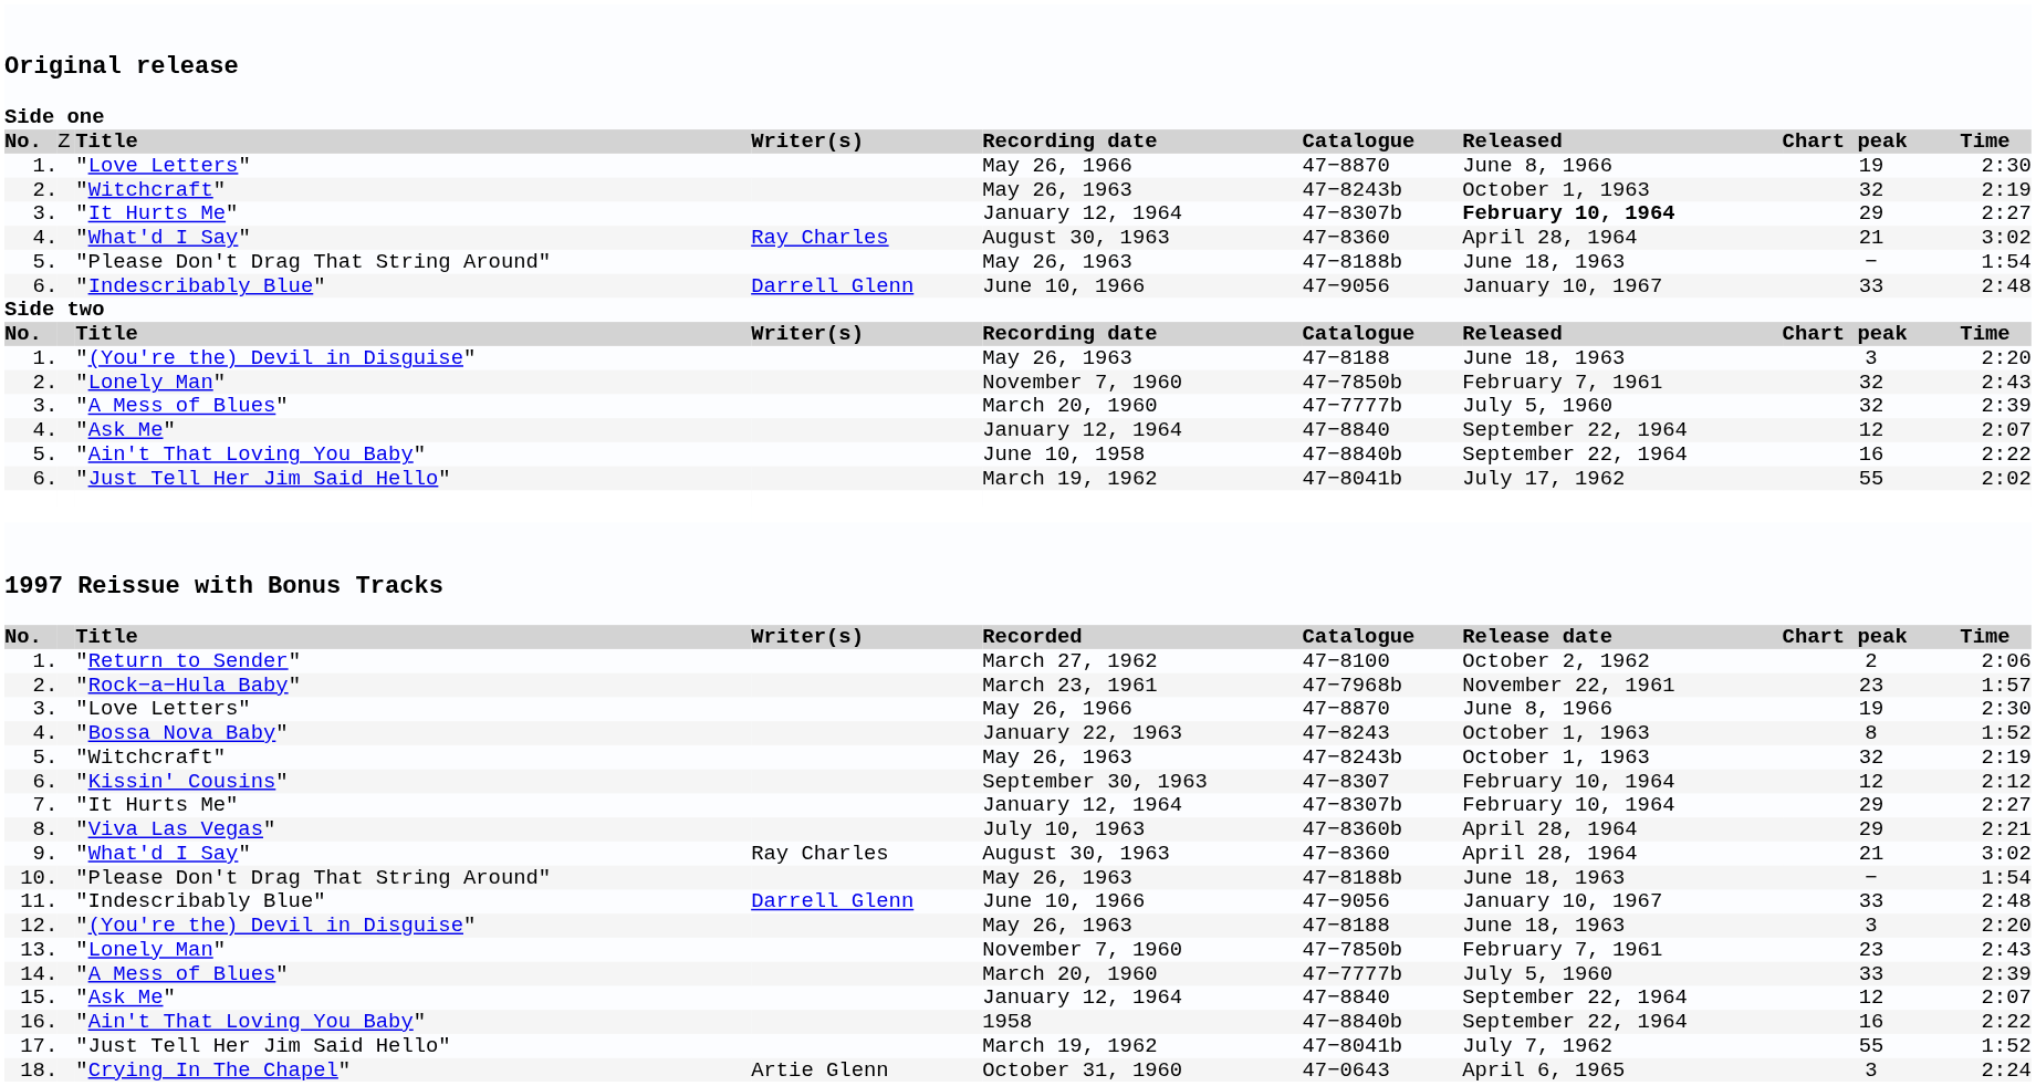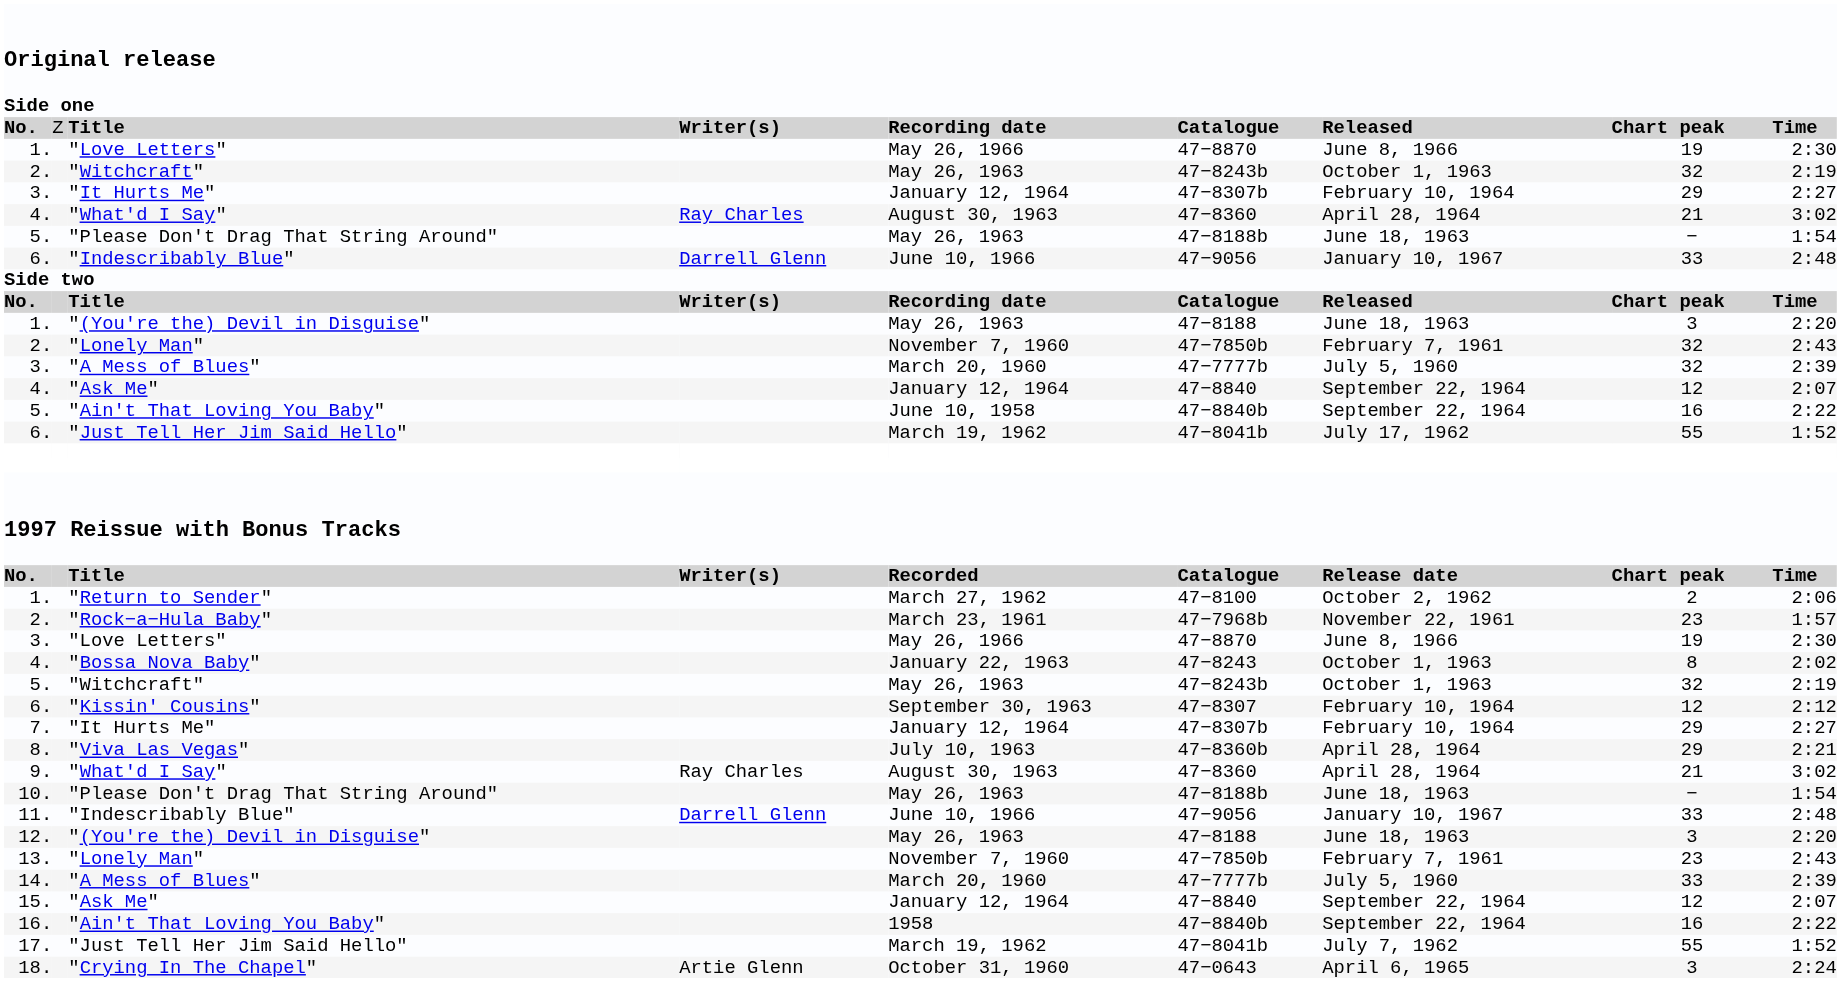 <table border="0" cellpadding="0" cellspacing="0" style="width: 100%; margin: 1em 1em 1em 0; background: #FCFDFF; border-collapse: collapse;">
 <tr>
 <td colspan=9><br><h3>Original release</h3></td>
 </tr>
 <tr>
 <td colspan=9><strong>Side one</strong></td>
 </tr>
 <tr bgcolor=#D3D3D3>
 <td><strong>No.</strong></td>
 <td><span>Z</span></td>
 <td><strong>Title</strong></td>
 <td><strong>Writer(s)</strong></td>
 <td><strong>Recording date</strong></td>
 <td><strong>Catalogue</strong></td>
 <td><strong>Released</strong></td>
 <td><strong>Chart peak</strong></td>
 <td><strong>Time</strong></td>
 </tr>
 <tr>
 <td align=right>1.</td>
 <td></td>
 <td>"<a href='#'>Love Letters</a>"</td>
 <td></td>
 <td>May 26, 1966</td>
 <td>47−8870</td>
 <td>June 8, 1966</td>
 <td align=center>19</td>
 <td align=right>2:30</td>
 </tr>
 <tr bgcolor=#F5F5F5>
 <td align=right>2.</td>
 <td></td>
 <td>"<a href='#'>Witchcraft</a>"</td>
 <td></td>
 <td>May 26, 1963</td>
 <td>47−8243b</td>
 <td>October 1, 1963</td>
 <td align=center>32</td>
 <td align=right>2:19</td>
 </tr>
 <tr>
 <td align=right>3.</td>
 <td></td>
 <td>"<a href='#'>It Hurts Me</a>"</td>
 <td></td>
 <td>January 12, 1964</td>
 <td>47−8307b</td>
-<td><strong>February 10, 1964</strong></td>
+<td>February 10, 1964</td>
 <td align=center>29</td>
 <td align=right>2:27</td>
 </tr>
 <tr bgcolor=#F5F5F5>
 <td align=right>4.</td>
 <td></td>
 <td>"<a href='#'>What'd I Say</a>"</td>
 <td><a href='#'>Ray Charles</a></td>
 <td>August 30, 1963</td>
 <td>47−8360</td>
 <td>April 28, 1964</td>
 <td align=center>21</td>
 <td align=right>3:02</td>
 </tr>
 <tr>
 <td align=right>5.</td>
 <td></td>
 <td>"Please Don't Drag That String Around"</td>
 <td></td>
 <td>May 26, 1963</td>
 <td>47−8188b</td>
 <td>June 18, 1963</td>
 <td align=center>−</td>
 <td align=right>1:54</td>
 </tr>
 <tr bgcolor=#F5F5F5>
 <td align=right>6.</td>
 <td></td>
 <td>"<a href='#'>Indescribably Blue</a>"</td>
 <td><a href='#'>Darrell Glenn</a></td>
 <td>June 10, 1966</td>
 <td>47−9056</td>
 <td>January 10, 1967</td>
 <td align=center>33</td>
 <td align=right>2:48</td>
 </tr>
 <tr>
 </tr>
 <tr>
 <td colspan=9><strong>Side two</strong></td>
 </tr>
 <tr bgcolor=#D3D3D3>
 <td><strong>No.</strong></td>
 <td></td>
 <td><strong>Title</strong></td>
 <td><strong>Writer(s)</strong></td>
 <td><strong>Recording date</strong></td>
 <td><strong>Catalogue</strong></td>
 <td><strong>Released</strong></td>
 <td><strong>Chart peak</strong></td>
 <td><strong>Time</strong></td>
 </tr>
 <tr>
 <td align=right>1.</td>
 <td></td>
 <td>"<a href='#'>(You're the) Devil in Disguise</a>"</td>
 <td></td>
 <td>May 26, 1963</td>
 <td>47−8188</td>
 <td>June 18, 1963</td>
 <td align=center>3</td>
 <td align=right>2:20</td>
 </tr>
 <tr bgcolor=#F5F5F5>
 <td align=right>2.</td>
 <td></td>
 <td>"<a href='#'>Lonely Man</a>"</td>
 <td></td>
 <td>November 7, 1960</td>
 <td>47−7850b</td>
 <td>February 7, 1961</td>
 <td align=center>32</td>
 <td align=right>2:43</td>
 </tr>
 <tr>
 <td align=right>3.</td>
 <td></td>
 <td>"<a href='#'>A Mess of Blues</a>"</td>
 <td></td>
 <td>March 20, 1960</td>
 <td>47−7777b</td>
 <td>July 5, 1960</td>
 <td align=center>32</td>
 <td align=right>2:39</td>
 </tr>
 <tr bgcolor=#F5F5F5>
 <td align=right>4.</td>
 <td></td>
 <td>"<a href='#'>Ask Me</a>"</td>
 <td></td>
 <td>January 12, 1964</td>
 <td>47−8840</td>
 <td>September 22, 1964</td>
 <td align=center>12</td>
 <td align=right>2:07</td>
 </tr>
 <tr>
 <td align=right>5.</td>
 <td></td>
 <td>"<a href='#'>Ain't That Loving You Baby</a>"</td>
 <td></td>
 <td>June 10, 1958</td>
 <td>47−8840b</td>
 <td>September 22, 1964</td>
 <td align=center>16</td>
 <td align=right>2:22</td>
 </tr>
 <tr bgcolor=#F5F5F5>
 <td align=right>6.</td>
 <td></td>
 <td>"<a href='#'>Just Tell Her Jim Said Hello</a>"</td>
 <td></td>
 <td>March 19, 1962</td>
 <td>47−8041b</td>
 <td>July 17, 1962</td>
 <td align=center>55</td>
-<td align=right>2:02</td>
+<td align=right>1:52</td>
 </tr>
 <tr>
 <td colspan=9 style="border-top: 20px solid white;"><br><h3>1997 Reissue with Bonus Tracks</h3></td>
 </tr>
 <tr bgcolor=#D3D3D3>
 <td><strong>No.</strong></td>
 <td></td>
 <td><strong>Title</strong></td>
 <td><strong>Writer(s)</strong></td>
 <td><strong>Recorded</strong></td>
 <td><strong>Catalogue</strong></td>
 <td><strong>Release date</strong></td>
 <td><strong>Chart peak</strong></td>
 <td><strong>Time</strong></td>
 </tr>
 <tr>
 <td align=right>1.</td>
 <td></td>
 <td>"<a href='#'>Return to Sender</a>"</td>
 <td></td>
 <td>March 27, 1962</td>
 <td>47−8100</td>
 <td>October 2, 1962</td>
 <td align=center>2</td>
 <td align=right>2:06</td>
 </tr>
 <tr bgcolor=#F5F5F5>
 <td align=right>2.</td>
 <td></td>
 <td>"<a href='#'>Rock−a−Hula Baby</a>"</td>
 <td></td>
 <td>March 23, 1961</td>
 <td>47−7968b</td>
 <td>November 22, 1961</td>
 <td align=center>23</td>
 <td align=right>1:57</td>
 </tr>
 <tr>
 <td align=right>3.</td>
 <td></td>
 <td>"Love Letters"</td>
 <td></td>
 <td>May 26, 1966</td>
 <td>47−8870</td>
 <td>June 8, 1966</td>
 <td align=center>19</td>
 <td align=right>2:30</td>
 </tr>
 <tr bgcolor=#F5F5F5>
 <td align=right>4.</td>
 <td></td>
 <td>"<a href='#'>Bossa Nova Baby</a>"</td>
 <td></td>
 <td>January 22, 1963</td>
 <td>47−8243</td>
 <td>October 1, 1963</td>
 <td align=center>8</td>
-<td align=right>1:52</td>
+<td align=right>2:02</td>
 </tr>
 <tr>
 <td align=right>5.</td>
 <td></td>
 <td>"Witchcraft"</td>
 <td></td>
 <td>May 26, 1963</td>
 <td>47−8243b</td>
 <td>October 1, 1963</td>
 <td align=center>32</td>
 <td align=right>2:19</td>
 </tr>
 <tr bgcolor=#F5F5F5>
 <td align=right>6.</td>
 <td></td>
 <td>"<a href='#'>Kissin' Cousins</a>"</td>
 <td></td>
 <td>September 30, 1963</td>
 <td>47−8307</td>
 <td>February 10, 1964</td>
 <td align=center>12</td>
 <td align=right>2:12</td>
 </tr>
 <tr>
 <td align=right>7.</td>
 <td></td>
 <td>"It Hurts Me"</td>
 <td></td>
 <td>January 12, 1964</td>
 <td>47−8307b</td>
 <td>February 10, 1964</td>
 <td align=center>29</td>
 <td align=right>2:27</td>
 </tr>
 <tr bgcolor=#F5F5F5>
 <td align=right>8.</td>
 <td></td>
 <td>"<a href='#'>Viva Las Vegas</a>"</td>
 <td></td>
 <td>July 10, 1963</td>
 <td>47−8360b</td>
 <td>April 28, 1964</td>
 <td align=center>29</td>
 <td align=right>2:21</td>
 </tr>
 <tr>
 <td align=right>9.</td>
 <td></td>
 <td>"<a href='#'>What'd I Say</a>"</td>
 <td>Ray Charles</td>
 <td>August 30, 1963</td>
 <td>47−8360</td>
 <td>April 28, 1964</td>
 <td align=center>21</td>
 <td align=right>3:02</td>
 </tr>
 <tr bgcolor=#F5F5F5>
 <td align=right>10.</td>
 <td></td>
 <td>"Please Don't Drag That String Around"</td>
 <td></td>
 <td>May 26, 1963</td>
 <td>47−8188b</td>
 <td>June 18, 1963</td>
 <td align=center>−</td>
 <td align=right>1:54</td>
 </tr>
 <tr>
 <td align=right>11.</td>
 <td></td>
 <td>"Indescribably Blue"</td>
 <td><a href='#'>Darrell Glenn</a></td>
 <td>June 10, 1966</td>
 <td>47−9056</td>
 <td>January 10, 1967</td>
 <td align=center>33</td>
 <td align=right>2:48</td>
 </tr>
 <tr bgcolor=#F5F5F5>
 <td align=right>12.</td>
 <td></td>
 <td>"<a href='#'>(You're the) Devil in Disguise</a>"</td>
 <td></td>
 <td>May 26, 1963</td>
 <td>47−8188</td>
 <td>June 18, 1963</td>
 <td align=center>3</td>
 <td align=right>2:20</td>
 </tr>
 <tr>
 <td align=right>13.</td>
 <td></td>
 <td>"<a href='#'>Lonely Man</a>"</td>
 <td></td>
 <td>November 7, 1960</td>
 <td>47−7850b</td>
 <td>February 7, 1961</td>
 <td align=center>23</td>
 <td align=right>2:43</td>
 </tr>
 <tr bgcolor=#F5F5F5>
 <td align=right>14.</td>
 <td></td>
 <td>"<a href='#'>A Mess of Blues</a>"</td>
 <td></td>
 <td>March 20, 1960</td>
 <td>47−7777b</td>
 <td>July 5, 1960</td>
 <td align=center>33</td>
 <td align=right>2:39</td>
 </tr>
 <tr>
 <td align=right>15.</td>
 <td></td>
 <td>"<a href='#'>Ask Me</a>"</td>
 <td></td>
 <td>January 12, 1964</td>
 <td>47−8840</td>
 <td>September 22, 1964</td>
 <td align=center>12</td>
 <td align=right>2:07</td>
 </tr>
 <tr bgcolor=#F5F5F5>
 <td align=right>16.</td>
 <td></td>
 <td>"<a href='#'>Ain't That Loving You Baby</a>"</td>
 <td></td>
 <td June 10>1958</td>
 <td>47−8840b</td>
 <td>September 22, 1964</td>
 <td align=center>16</td>
 <td align=right>2:22</td>
 </tr>
 <tr>
 <td align=right>17.</td>
 <td></td>
 <td>"Just Tell Her Jim Said Hello"</td>
 <td></td>
 <td>March 19, 1962</td>
 <td>47−8041b</td>
 <td>July 7, 1962</td>
 <td align=center>55</td>
 <td align=right>1:52</td>
 </tr>
 <tr bgcolor=#F5F5F5>
 <td align=right>18.</td>
 <td></td>
 <td>"<a href='#'>Crying In The Chapel</a>"</td>
 <td>Artie Glenn</td>
 <td>October 31, 1960</td>
 <td>47−0643</td>
 <td>April 6, 1965</td>
 <td align=center>3</td>
 <td align=right>2:24</td>
 </tr>
 </table>
